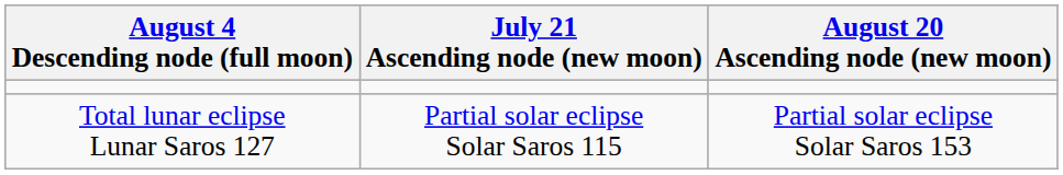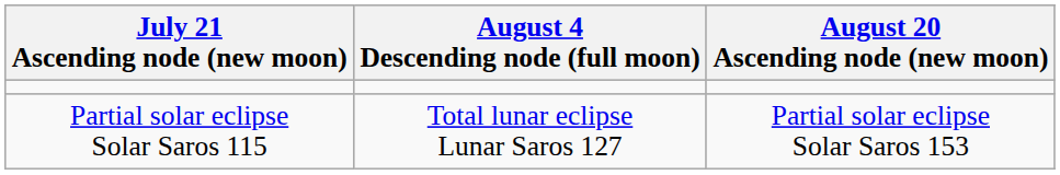 <table class="wikitable">
 <tr>
+<th><a href='#'>July 21</a><br>Ascending node (new moon)</th>
 <th><a href='#'>August 4</a><br>Descending node (full moon)</th>
-<th><a href='#'>July 21</a><br>Ascending node (new moon)</th>
 <th><a href='#'>August 20</a><br>Ascending node (new moon)</th>
 </tr>
 <tr>
 <td></td>
 <td></td>
 <td></td>
 </tr>
 <tr align=center>
+<td><a href='#'>Partial solar eclipse</a><br>Solar Saros 115</td>
 <td><a href='#'>Total lunar eclipse</a><br>Lunar Saros 127</td>
-<td><a href='#'>Partial solar eclipse</a><br>Solar Saros 115</td>
 <td><a href='#'>Partial solar eclipse</a><br>Solar Saros 153</td>
 </tr>
 </table>
